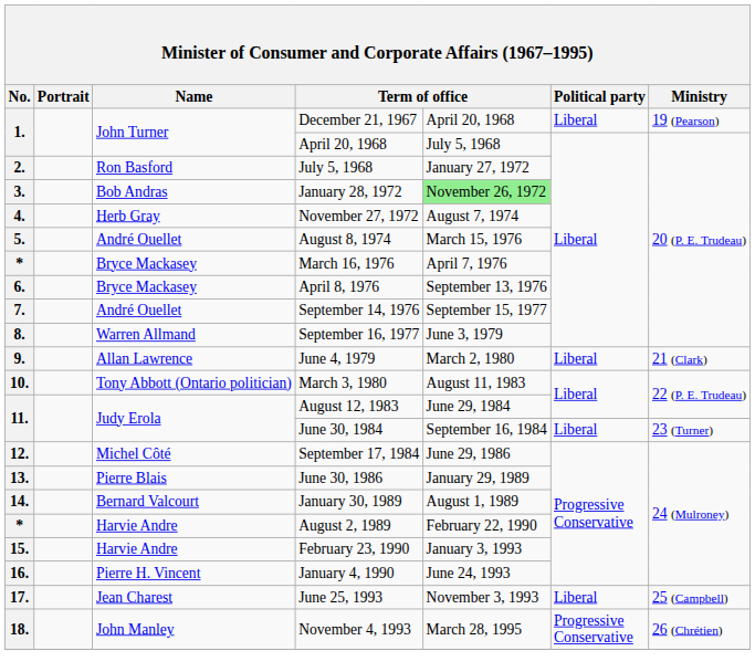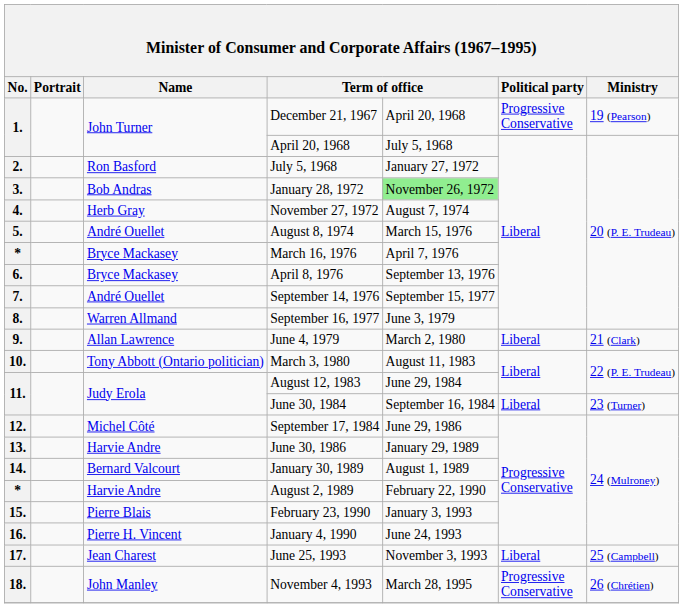 <table class="wikitable">
 <tr>
 <th colspan=7><br><h3>Minister of Consumer and Corporate Affairs (1967–1995)</h3></th>
 </tr>
 <tr>
 <th>No.</th>
 <th>Portrait</th>
 <th>Name</th>
 <th colspan=2>Term of office</th>
 <th>Political party</th>
 <th>Ministry</th>
 </tr>
 <tr>
 <th rowspan=2 style="background:">1.</th>
 <td rowspan=2></td>
 <td rowspan=2><a href='#'>John Turner</a></td>
 <td>December 21, 1967</td>
 <td>April 20, 1968</td>
-<td><a href='#'>Liberal</a></td>
+<td><a href='#'>Progressive <br>Conservative</a></td>
 <td><a href='#'>19</a> <small>(<a href='#'>Pearson</a>)</small></td>
 </tr>
 <tr>
 <td>April 20, 1968</td>
 <td>July 5, 1968</td>
 <td rowspan=9><a href='#'>Liberal</a></td>
 <td rowspan=9><a href='#'>20</a> <small>(<a href='#'>P. E. Trudeau</a>)</small></td>
 </tr>
 <tr>
 <th style="background:">2.</th>
 <td></td>
 <td><a href='#'>Ron Basford</a></td>
 <td>July 5, 1968</td>
 <td>January 27, 1972</td>
 </tr>
 <tr>
 <th style="background:">3.</th>
 <td></td>
 <td><a href='#'>Bob Andras</a></td>
 <td>January 28, 1972</td>
 <td style="background: lightgreen;">November 26, 1972</td>
 </tr>
 <tr>
 <th style="background:">4.</th>
 <td></td>
 <td><a href='#'>Herb Gray</a></td>
 <td>November 27, 1972</td>
 <td>August 7, 1974</td>
 </tr>
 <tr>
 <th style="background:">5.</th>
 <td></td>
 <td><a href='#'>André Ouellet</a></td>
 <td>August 8, 1974</td>
 <td>March 15, 1976</td>
 </tr>
 <tr>
 <th style="background:">*</th>
 <td></td>
 <td><a href='#'>Bryce Mackasey</a><br></td>
 <td>March 16, 1976</td>
 <td>April 7, 1976</td>
 </tr>
 <tr>
 <th style="background:">6.</th>
 <td></td>
 <td><a href='#'>Bryce Mackasey</a></td>
 <td>April 8, 1976</td>
 <td>September 13, 1976</td>
 </tr>
 <tr>
 <th style="background:">7.</th>
 <td></td>
 <td><a href='#'>André Ouellet</a></td>
 <td>September 14, 1976</td>
 <td>September 15, 1977</td>
 </tr>
 <tr>
 <th style="background:">8.</th>
 <td></td>
 <td><a href='#'>Warren Allmand</a></td>
 <td>September 16, 1977</td>
 <td>June 3, 1979</td>
 </tr>
 <tr>
 <th style="background:">9.</th>
 <td></td>
 <td><a href='#'>Allan Lawrence</a></td>
 <td>June 4, 1979</td>
 <td>March 2, 1980</td>
 <td><a href='#'>Liberal</a></td>
 <td><a href='#'>21</a> <small>(<a href='#'>Clark</a>)</small></td>
 </tr>
 <tr>
 <th style="background:">10.</th>
 <td></td>
 <td><a href='#'>Tony Abbott (Ontario politician)</a></td>
 <td>March 3, 1980</td>
 <td>August 11, 1983</td>
 <td rowspan=2><a href='#'>Liberal</a></td>
 <td rowspan=2><a href='#'>22</a> <small>(<a href='#'>P. E. Trudeau</a>)</small></td>
 </tr>
 <tr>
 <th rowspan=2 style="background:">11.</th>
 <td rowspan=2></td>
 <td rowspan=2><a href='#'>Judy Erola</a></td>
 <td>August 12, 1983</td>
 <td>June 29, 1984</td>
 </tr>
 <tr>
 <td>June 30, 1984</td>
 <td>September 16, 1984</td>
 <td><a href='#'>Liberal</a></td>
 <td><a href='#'>23</a> <small>(<a href='#'>Turner</a>)</small></td>
 </tr>
 <tr>
 <th style="background:">12.</th>
 <td></td>
 <td><a href='#'>Michel Côté</a></td>
 <td>September 17, 1984</td>
 <td>June 29, 1986</td>
 <td rowspan=6><a href='#'>Progressive <br>Conservative</a></td>
 <td rowspan=6><a href='#'>24</a> <small>(<a href='#'>Mulroney</a>)</small></td>
 </tr>
 <tr>
 <th style="background:">13.</th>
 <td></td>
-<td><a href='#'>Pierre Blais</a></td>
+<td><a href='#'>Harvie Andre</a></td>
 <td>June 30, 1986</td>
 <td>January 29, 1989</td>
 </tr>
 <tr>
 <th style="background:">14.</th>
 <td></td>
 <td><a href='#'>Bernard Valcourt</a></td>
 <td>January 30, 1989</td>
 <td>August 1, 1989</td>
 </tr>
 <tr>
 <th style="background:">*</th>
 <td></td>
 <td><a href='#'>Harvie Andre</a> <br></td>
 <td>August 2, 1989</td>
 <td>February 22, 1990</td>
 </tr>
 <tr>
 <th style="background:">15.</th>
 <td></td>
-<td><a href='#'>Harvie Andre</a></td>
+<td><a href='#'>Pierre Blais</a></td>
 <td>February 23, 1990</td>
 <td>January 3, 1993</td>
 </tr>
 <tr>
 <th style="background:">16.</th>
 <td></td>
 <td><a href='#'>Pierre H. Vincent</a></td>
 <td>January 4, 1990</td>
 <td>June 24, 1993</td>
 </tr>
 <tr>
 <th style="background:">17.</th>
 <td></td>
 <td><a href='#'>Jean Charest</a> <br></td>
 <td>June 25, 1993</td>
 <td>November 3, 1993</td>
 <td><a href='#'>Liberal</a></td>
 <td><a href='#'>25</a> <small>(<a href='#'>Campbell</a>)</small></td>
 </tr>
 <tr>
 <th style="background:">18.</th>
 <td></td>
 <td><a href='#'>John Manley</a> <br></td>
 <td>November 4, 1993</td>
 <td>March 28, 1995</td>
 <td><a href='#'>Progressive <br>Conservative</a></td>
 <td><a href='#'>26</a> <small>(<a href='#'>Chrétien</a>)</small></td>
 </tr>
 <tr>
 </tr>
 </table>
